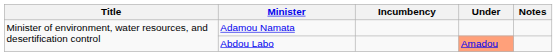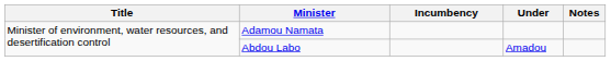 <table class="wikitable" style="width:100%;">
 <tr>
 <th>Title</th>
 <th style="width:25%;"><a href='#'>Minister</a></th>
 <th style="width:160px;">Incumbency</th>
 <th style="width:10%;">Under</th>
 <th style="width:7%;">Notes</th>
 </tr>
 <tr>
 <td rowspan="2" style="vertical-align:top;">Minister of environment, water resources, and desertification control</td>
 <td><a href='#'>Adamou Namata</a></td>
 <td></td>
 <td></td>
 <td></td>
 </tr>
 <tr>
 <td><a href='#'>Abdou Labo</a></td>
 <td></td>
-<td style="background: lightsalmon;"><a href='#'>Amadou</a></td>
+<td><a href='#'>Amadou</a></td>
 <td></td>
 </tr>
 </table>
